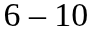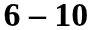 <table style="text-align:center">
 <tr>
 <th width=200></th>
 <th width=100></th>
 <th width=200></th>
 </tr>
 <tr>
 <td align=right></td>
-<td>6 – 10</td>
+<td><strong>6 – 10</strong></td>
 <td align=left><strong></strong></td>
 </tr>
 </table>
